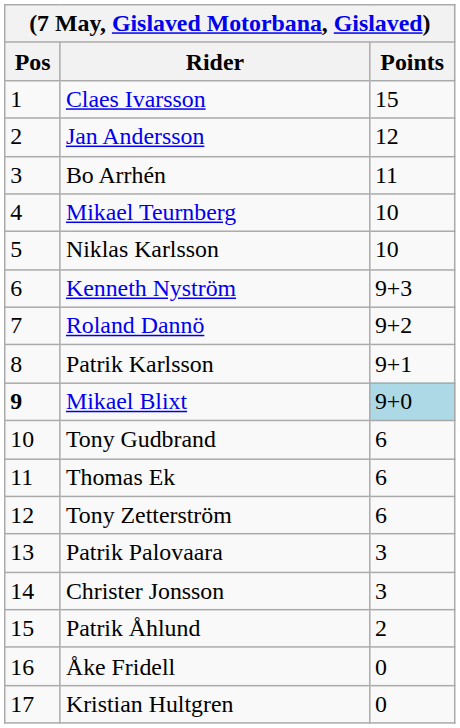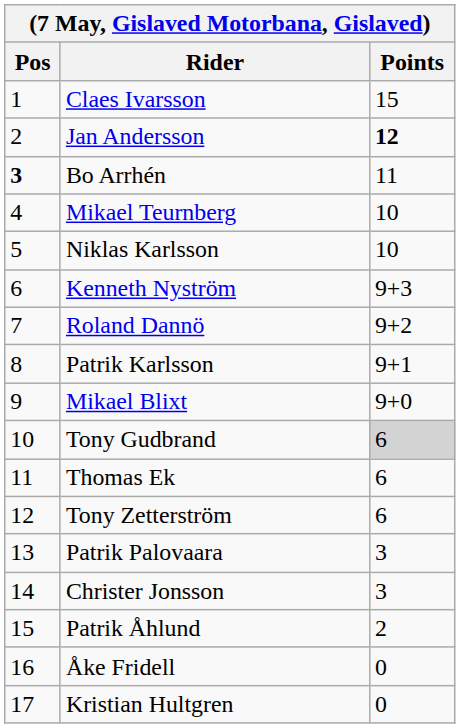 <table class="wikitable">
 <tr>
 <th colspan="6">(7 May, <a href='#'>Gislaved Motorbana</a>, <a href='#'>Gislaved</a>)</th>
 </tr>
 <tr>
 <th width=30>Pos</th>
 <th width=200>Rider</th>
 <th width=50>Points</th>
 </tr>
 <tr>
 <td>1</td>
 <td style="text-align:left;"><a href='#'>Claes Ivarsson</a></td>
 <td>15</td>
 </tr>
 <tr>
 <td>2</td>
 <td style="text-align:left;"><a href='#'>Jan Andersson</a></td>
-<td>12</td>
+<td><strong>12</strong></td>
 </tr>
 <tr>
-<td>3</td>
+<td><strong>3</strong></td>
 <td style="text-align:left;">Bo Arrhén</td>
 <td>11</td>
 </tr>
 <tr>
 <td>4</td>
 <td style="text-align:left;"><a href='#'>Mikael Teurnberg</a></td>
 <td>10</td>
 </tr>
 <tr>
 <td>5</td>
 <td style="text-align:left;">Niklas Karlsson</td>
 <td>10</td>
 </tr>
 <tr>
 <td>6</td>
 <td style="text-align:left;"><a href='#'>Kenneth Nyström</a></td>
 <td>9+3</td>
 </tr>
 <tr>
 <td>7</td>
 <td style="text-align:left;"><a href='#'>Roland Dannö</a></td>
 <td>9+2</td>
 </tr>
 <tr>
 <td>8</td>
 <td style="text-align:left;">Patrik Karlsson</td>
 <td>9+1</td>
 </tr>
 <tr>
-<td><strong>9</strong></td>
+<td>9</td>
 <td style="text-align:left;"><a href='#'>Mikael Blixt</a></td>
-<td style="background: lightblue;">9+0</td>
+<td>9+0</td>
 </tr>
 <tr>
 <td>10</td>
 <td style="text-align:left;">Tony Gudbrand</td>
-<td>6</td>
+<td style="background: lightgrey;">6</td>
 </tr>
 <tr>
 <td>11</td>
 <td style="text-align:left;">Thomas Ek</td>
 <td>6</td>
 </tr>
 <tr>
 <td>12</td>
 <td style="text-align:left;">Tony Zetterström</td>
 <td>6</td>
 </tr>
 <tr>
 <td>13</td>
 <td style="text-align:left;">Patrik Palovaara</td>
 <td>3</td>
 </tr>
 <tr>
 <td>14</td>
 <td style="text-align:left;">Christer Jonsson</td>
 <td>3</td>
 </tr>
 <tr>
 <td>15</td>
 <td style="text-align:left;">Patrik Åhlund</td>
 <td>2</td>
 </tr>
 <tr>
 <td>16</td>
 <td style="text-align:left;">Åke Fridell</td>
 <td>0</td>
 </tr>
 <tr>
 <td>17</td>
 <td style="text-align:left;">Kristian Hultgren</td>
 <td>0</td>
 </tr>
 </table>
